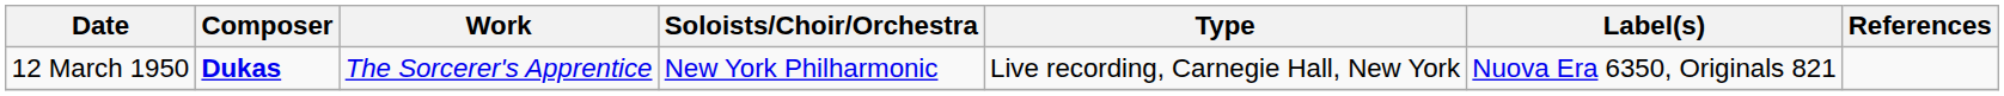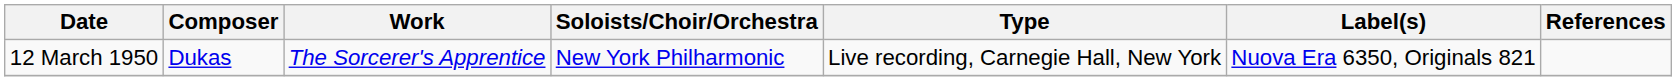 <table class="wikitable">
 <tr>
 <th>Date</th>
 <th>Composer</th>
 <th>Work</th>
 <th>Soloists/Choir/Orchestra</th>
 <th>Type</th>
 <th>Label(s)</th>
 <th>References</th>
 </tr>
 <tr>
 <td>12 March 1950</td>
-<td><strong><a href='#'>Dukas</a></strong></td>
+<td><a href='#'>Dukas</a></td>
 <td><em><a href='#'>The Sorcerer's Apprentice</a></em></td>
 <td><a href='#'>New York Philharmonic</a></td>
 <td>Live recording, Carnegie Hall, New York</td>
 <td><a href='#'>Nuova Era</a> 6350, Originals 821</td>
 <td></td>
 </tr>
 <tr>
 </tr>
 </table>
